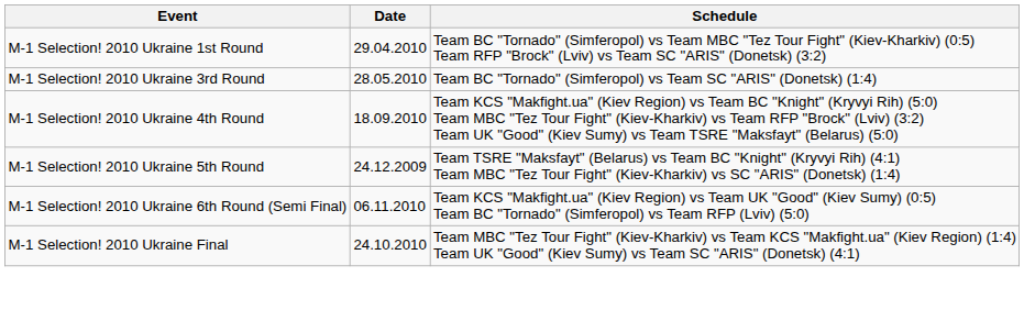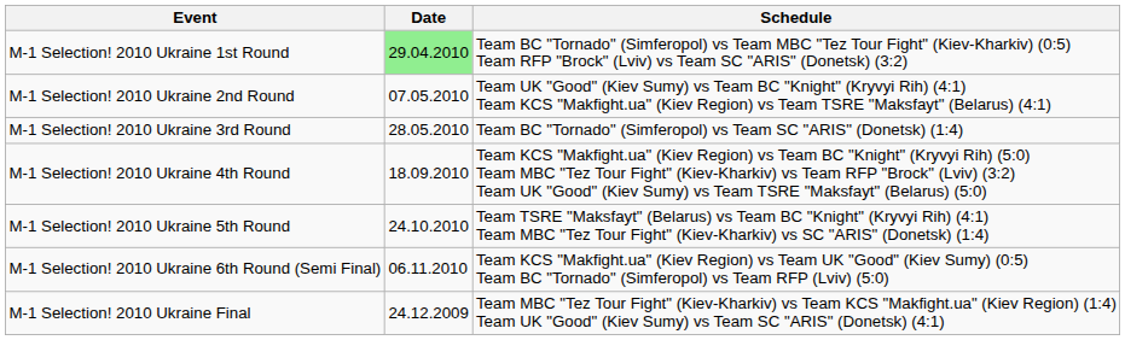 <table class="wikitable" border="1">
 <tr>
 <th>Event</th>
 <th>Date</th>
 <th>Schedule</th>
 </tr>
 <tr>
 <td>M-1 Selection! 2010 Ukraine 1st Round</td>
-<td>29.04.2010</td>
+<td style="background: lightgreen;">29.04.2010</td>
 <td>Team BC "Tornado" (Simferopol) vs Team MBC "Tez Tour Fight" (Kiev-Kharkiv) (0:5)<br>Team RFP "Brock" (Lviv) vs Team SC "ARIS" (Donetsk) (3:2)</td>
+</tr>
+<tr>
+<td>M-1 Selection! 2010 Ukraine 2nd Round</td>
+<td>07.05.2010</td>
+<td>Team UK "Good" (Kiev Sumy) vs Team BC "Knight" (Kryvyi Rih) (4:1)<br>Team KCS "Makfight.ua" (Kiev Region) vs Team TSRE "Maksfayt" (Belarus) (4:1)</td>
 </tr>
 <tr>
 <td>M-1 Selection! 2010 Ukraine 3rd Round</td>
 <td>28.05.2010</td>
 <td>Team BC "Tornado" (Simferopol) vs Team SC "ARIS" (Donetsk) (1:4)</td>
 </tr>
 <tr>
 <td>M-1 Selection! 2010 Ukraine 4th Round</td>
 <td>18.09.2010</td>
 <td>Team KCS "Makfight.ua" (Kiev Region) vs Team BC "Knight" (Kryvyi Rih) (5:0)<br>Team MBC "Tez Tour Fight" (Kiev-Kharkiv) vs Team RFP "Brock" (Lviv) (3:2) <br>Team UK "Good" (Kiev Sumy) vs Team TSRE "Maksfayt" (Belarus) (5:0)</td>
 </tr>
 <tr>
 <td>M-1 Selection! 2010 Ukraine 5th Round</td>
-<td>24.12.2009</td>
+<td>24.10.2010</td>
 <td>Team TSRE "Maksfayt" (Belarus) vs Team BC "Knight" (Kryvyi Rih) (4:1)<br>Team MBC "Tez Tour Fight" (Kiev-Kharkiv) vs SC "ARIS" (Donetsk) (1:4)</td>
 </tr>
 <tr>
 <td>M-1 Selection! 2010 Ukraine 6th Round (Semi Final)</td>
 <td>06.11.2010</td>
 <td>Team KCS "Makfight.ua" (Kiev Region) vs Team UK "Good" (Kiev Sumy) (0:5)<br>Team BC "Tornado" (Simferopol) vs Team RFP (Lviv) (5:0)</td>
 </tr>
 <tr>
 <td>M-1 Selection! 2010 Ukraine Final</td>
-<td>24.10.2010</td>
+<td>24.12.2009</td>
 <td>Team MBC "Tez Tour Fight" (Kiev-Kharkiv) vs Team KCS "Makfight.ua" (Kiev Region) (1:4)<br>Team UK "Good" (Kiev Sumy) vs Team SC "ARIS" (Donetsk) (4:1)</td>
 </tr>
 </table>
